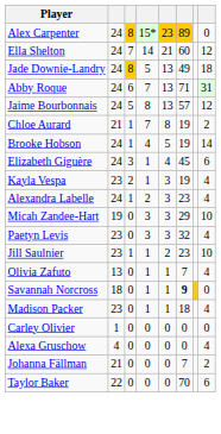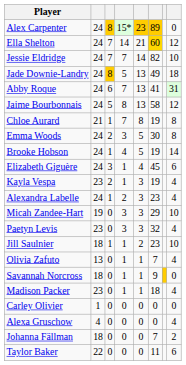 <table class="wikitable sortable" style="text-align:center;">
 <tr>
 <th>Player</th>
 <th></th>
 <th></th>
 <th></th>
 <th></th>
 <th></th>
 <th data-sort-type="number"></th>
 <th></th>
 </tr>
 <tr>
 <td style="text-align:left;"><a href='#'>Alex Carpenter</a></td>
 <td>24</td>
 <td style="background:#fc0;">8</td>
 <td style="background:#DDFFDD;">15*</td>
 <td style="background:#fc0;">23</td>
 <td style="background:#fc0;">89</td>
 <td></td>
 <td>0</td>
 </tr>
 <tr>
 <td style="text-align:left;"><a href='#'>Ella Shelton</a></td>
 <td>24</td>
 <td>7</td>
 <td>14</td>
 <td>21</td>
-<td>60</td>
+<td style="background: gold;">60</td>
 <td></td>
 <td>12</td>
+</tr>
+<tr>
+<td style="text-align:left;"><a href='#'>Jessie Eldridge</a></td>
+<td>24</td>
+<td>7</td>
+<td>7</td>
+<td>14</td>
+<td>82</td>
+<td></td>
+<td>10</td>
 </tr>
 <tr>
 <td style="text-align:left;"><a href='#'>Jade Downie-Landry</a></td>
 <td>24</td>
 <td style="background:#fc0;">8</td>
 <td>5</td>
 <td>13</td>
 <td>49</td>
 <td></td>
 <td>18</td>
 </tr>
 <tr>
 <td style="text-align:left;"><a href='#'>Abby Roque</a></td>
 <td>24</td>
 <td>6</td>
 <td>7</td>
 <td>13</td>
-<td>71</td>
+<td>41</td>
 <td></td>
 <td style="background:#DDFFDD;">31</td>
 </tr>
 <tr>
 <td style="text-align:left;"><a href='#'>Jaime Bourbonnais</a></td>
 <td>24</td>
 <td>5</td>
 <td>8</td>
 <td>13</td>
-<td>57</td>
+<td>58</td>
 <td></td>
 <td>12</td>
 </tr>
 <tr>
 <td style="text-align:left;"><a href='#'>Chloe Aurard</a></td>
 <td>21</td>
 <td>1</td>
 <td>7</td>
 <td>8</td>
 <td>19</td>
 <td></td>
+<td>8</td>
+</tr>
+<tr>
+<td style="text-align:left;"><a href='#'>Emma Woods</a></td>
+<td>24</td>
 <td>2</td>
+<td>3</td>
+<td>5</td>
+<td>30</td>
+<td></td>
+<td>8</td>
 </tr>
 <tr>
 <td style="text-align:left;"><a href='#'>Brooke Hobson</a></td>
 <td>24</td>
 <td>1</td>
 <td>4</td>
 <td>5</td>
 <td>19</td>
 <td></td>
 <td>14</td>
 </tr>
 <tr>
 <td style="text-align:left;"><a href='#'>Elizabeth Giguère</a></td>
 <td>24</td>
 <td>3</td>
 <td>1</td>
 <td>4</td>
 <td>45</td>
 <td></td>
 <td>6</td>
 </tr>
 <tr>
 <td style="text-align:left;"><a href='#'>Kayla Vespa</a></td>
 <td>23</td>
 <td>2</td>
 <td>1</td>
 <td>3</td>
 <td>19</td>
 <td></td>
 <td>4</td>
 </tr>
 <tr>
 <td style="text-align:left;"><a href='#'>Alexandra Labelle</a></td>
 <td>24</td>
 <td>1</td>
 <td>2</td>
 <td>3</td>
 <td>23</td>
 <td></td>
 <td>4</td>
 </tr>
 <tr>
 <td style="text-align:left;"><a href='#'>Micah Zandee-Hart</a></td>
 <td>19</td>
 <td>0</td>
 <td>3</td>
 <td>3</td>
 <td>29</td>
 <td></td>
 <td>10</td>
 </tr>
 <tr>
 <td style="text-align:left;"><a href='#'>Paetyn Levis</a></td>
 <td>23</td>
 <td>0</td>
 <td>3</td>
 <td>3</td>
 <td>32</td>
 <td></td>
 <td>4</td>
 </tr>
 <tr>
 <td style="text-align:left;"><a href='#'>Jill Saulnier</a></td>
-<td>23</td>
+<td>18</td>
 <td>1</td>
 <td>1</td>
 <td>2</td>
 <td>23</td>
 <td></td>
 <td>10</td>
 </tr>
 <tr>
 <td style="text-align:left;"><a href='#'>Olivia Zafuto</a></td>
 <td>13</td>
 <td>0</td>
 <td>1</td>
 <td>1</td>
 <td>7</td>
 <td></td>
 <td>4</td>
 </tr>
 <tr>
 <td style="text-align:left;"><a href='#'>Savannah Norcross</a></td>
 <td>18</td>
 <td>0</td>
 <td>1</td>
 <td>1</td>
-<td><strong>9</strong></td>
+<td>9</td>
 <td style="background:#fc0;"></td>
 <td>0</td>
 </tr>
 <tr>
 <td style="text-align:left;"><a href='#'>Madison Packer</a></td>
 <td>23</td>
 <td>0</td>
 <td>1</td>
 <td>1</td>
 <td>18</td>
 <td></td>
 <td>4</td>
 </tr>
 <tr>
 <td style="text-align:left;"><a href='#'>Carley Olivier</a></td>
 <td>1</td>
 <td>0</td>
 <td>0</td>
 <td>0</td>
 <td>0</td>
 <td></td>
 <td>0</td>
 </tr>
 <tr>
 <td style="text-align:left;"><a href='#'>Alexa Gruschow</a></td>
 <td>4</td>
 <td>0</td>
 <td>0</td>
 <td>0</td>
 <td>0</td>
 <td></td>
 <td>4</td>
 </tr>
 <tr>
 <td style="text-align:left;"><a href='#'>Johanna Fällman</a></td>
-<td>21</td>
+<td>18</td>
 <td>0</td>
 <td>0</td>
 <td>0</td>
 <td>7</td>
 <td></td>
 <td>2</td>
 </tr>
 <tr>
 <td style="text-align:left;"><a href='#'>Taylor Baker</a></td>
 <td>22</td>
 <td>0</td>
 <td>0</td>
 <td>0</td>
-<td>70</td>
+<td>11</td>
 <td></td>
 <td>6</td>
 </tr>
 </table>
